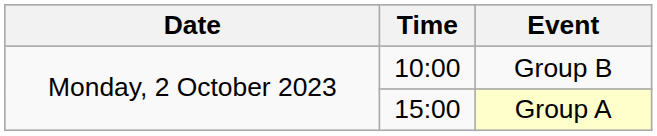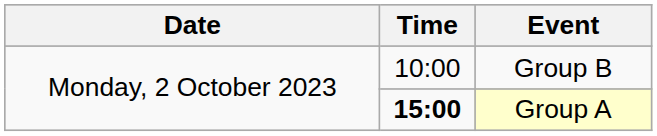 <table class="wikitable" style="text-align:center;">
 <tr>
 <th width=220>Date</th>
 <th width=50>Time</th>
 <th width=100>Event</th>
 </tr>
 <tr>
 <td rowspan=2>Monday, 2 October 2023</td>
 <td>10:00</td>
 <td>Group B</td>
 </tr>
 <tr>
-<td>15:00</td>
+<td><strong>15:00</strong></td>
 <td bgcolor=ffffcc>Group A</td>
 </tr>
 </table>
